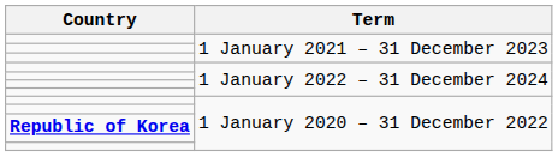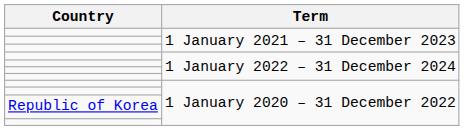 <table class="wikitable">
 <tr>
 <th>Country</th>
 <th>Term</th>
 </tr>
 <tr>
 <td></td>
 <td rowspan=3>1 January 2021 – 31 December 2023</td>
 </tr>
 <tr>
 <td></td>
 </tr>
 <tr>
 <td></td>
 </tr>
 <tr>
 <td></td>
 <td rowspan=4>1 January 2022 – 31 December 2024</td>
 </tr>
 <tr>
 <td></td>
 </tr>
 <tr>
 <td></td>
 </tr>
 <tr>
 <td></td>
 </tr>
 <tr>
 <td></td>
 <td rowspan=4>1 January 2020 – 31 December 2022</td>
 </tr>
 <tr>
 <td></td>
 </tr>
 <tr>
-<td><strong> <a href='#'>Republic of Korea</a></strong></td>
+<td> <a href='#'>Republic of Korea</a></td>
 </tr>
 <tr>
 <td></td>
 </tr>
 </table>
